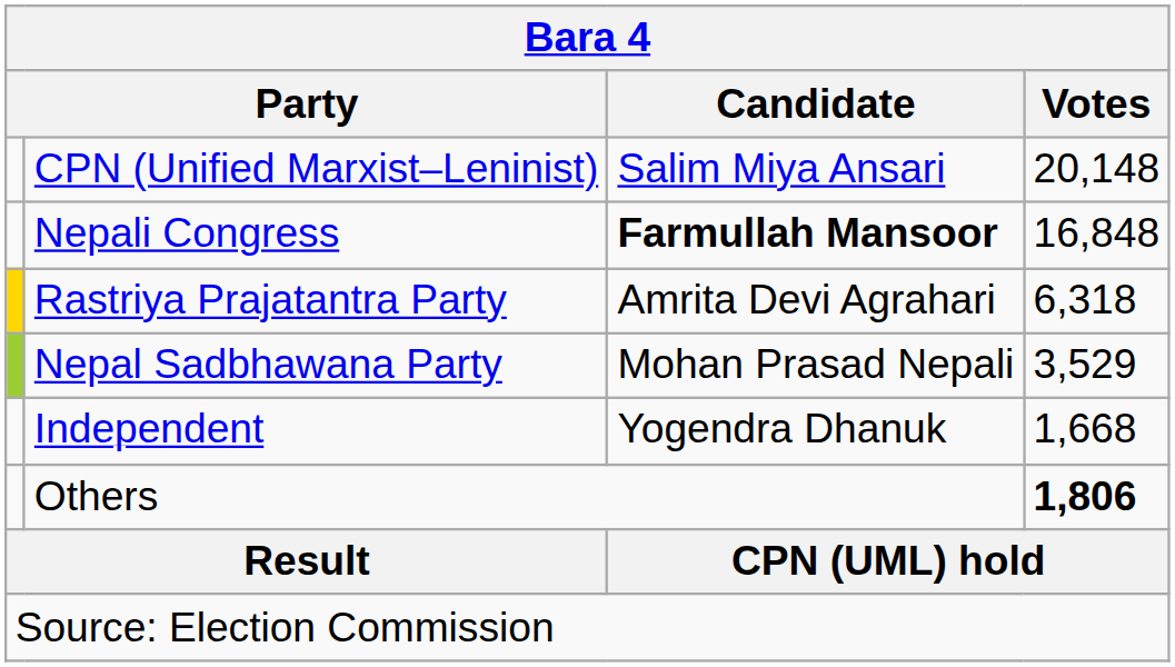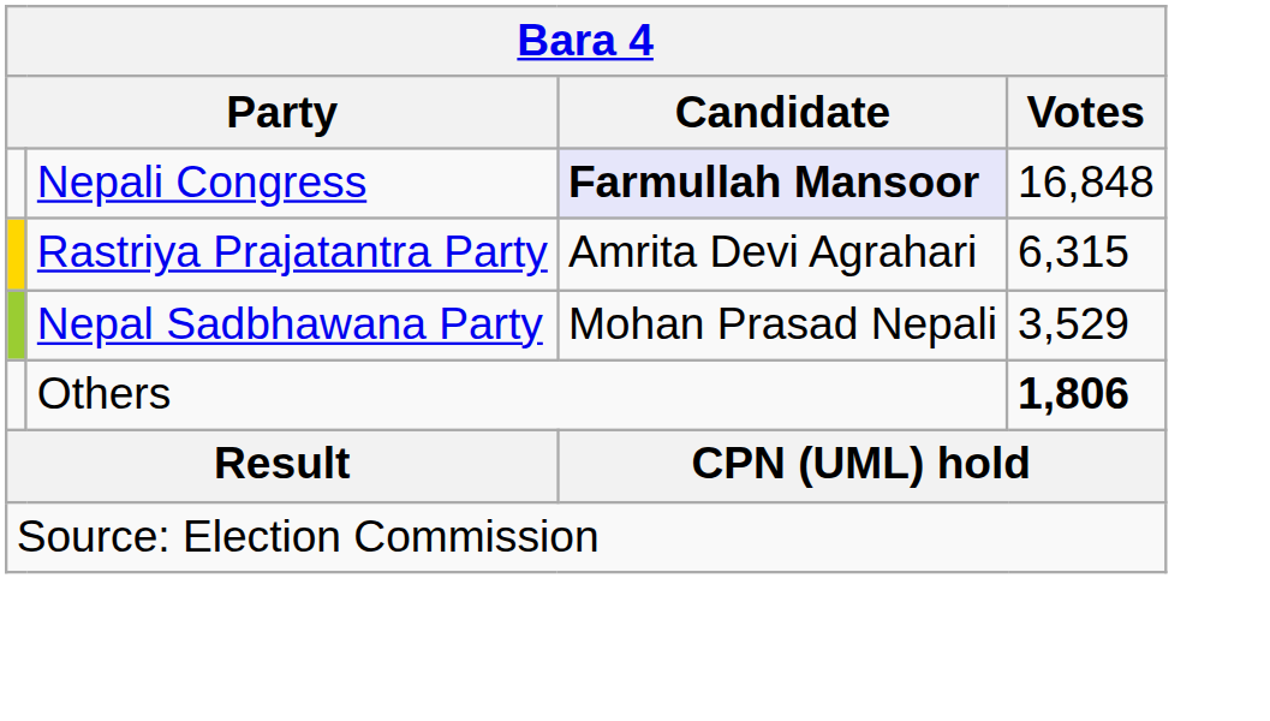 <table class="wikitable">
 <tr>
 <th colspan="4"><a href='#'>Bara 4</a></th>
 </tr>
 <tr>
 <th colspan="2">Party</th>
 <th>Candidate</th>
 <th>Votes</th>
 </tr>
 <tr>
 <td style="background-color:"></td>
-<td><a href='#'>CPN (Unified Marxist–Leninist)</a></td>
-<td><a href='#'>Salim Miya Ansari</a></td>
-<td>20,148</td>
-</tr>
-<tr>
-<td style="background-color:"></td>
 <td><a href='#'>Nepali Congress</a></td>
-<td><strong>Farmullah Mansoor</strong></td>
+<td style="background: lavender;"><strong>Farmullah Mansoor</strong></td>
 <td>16,848</td>
 </tr>
 <tr>
 <td style="background-color:gold"></td>
 <td><a href='#'>Rastriya Prajatantra Party</a></td>
 <td>Amrita Devi Agrahari</td>
-<td>6,318</td>
+<td>6,315</td>
 </tr>
 <tr>
 <td style="background-color:yellowgreen"></td>
 <td><a href='#'>Nepal Sadbhawana Party</a></td>
 <td>Mohan Prasad Nepali</td>
 <td>3,529</td>
-</tr>
-<tr>
-<td style="background-color:"></td>
-<td><a href='#'>Independent</a></td>
-<td>Yogendra Dhanuk</td>
-<td>1,668</td>
 </tr>
 <tr>
 <td></td>
 <td colspan="2">Others</td>
 <td><strong>1,806</strong></td>
 </tr>
 <tr>
 <th colspan="2">Result</th>
 <th colspan="2">CPN (UML) hold</th>
 </tr>
 <tr>
 <td colspan="4">Source: Election Commission</td>
 </tr>
 </table>
